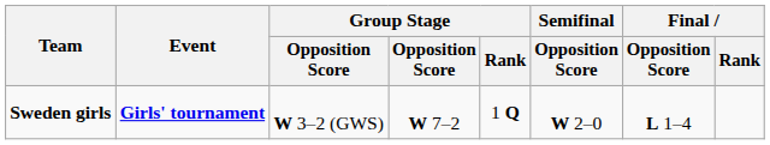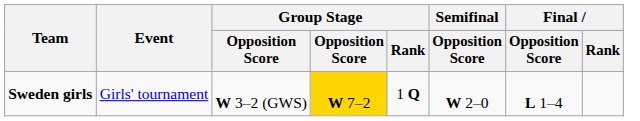 <table class="wikitable" style="font-size:90%">
 <tr>
 <th rowspan=2>Team</th>
 <th rowspan=2>Event</th>
 <th colspan=3>Group Stage</th>
 <th>Semifinal</th>
 <th colspan=2>Final / </th>
 </tr>
 <tr style="font-size:95%">
 <th>Opposition<br>Score</th>
 <th>Opposition<br>Score</th>
 <th>Rank</th>
 <th>Opposition<br>Score</th>
 <th>Opposition<br>Score</th>
 <th>Rank</th>
 </tr>
 <tr align=center>
 <td align=left><strong>Sweden girls</strong></td>
-<td align=left><strong><a href='#'>Girls' tournament</a></strong></td>
+<td align=left><a href='#'>Girls' tournament</a></td>
 <td><br><strong>W</strong> 3–2 (GWS)</td>
-<td><br><strong>W</strong> 7–2</td>
+<td style="background: gold;"><br><strong>W</strong> 7–2</td>
 <td>1 <strong>Q</strong></td>
 <td><br><strong>W</strong> 2–0</td>
 <td><br><strong>L</strong> 1–4</td>
 <td></td>
 </tr>
 </table>
